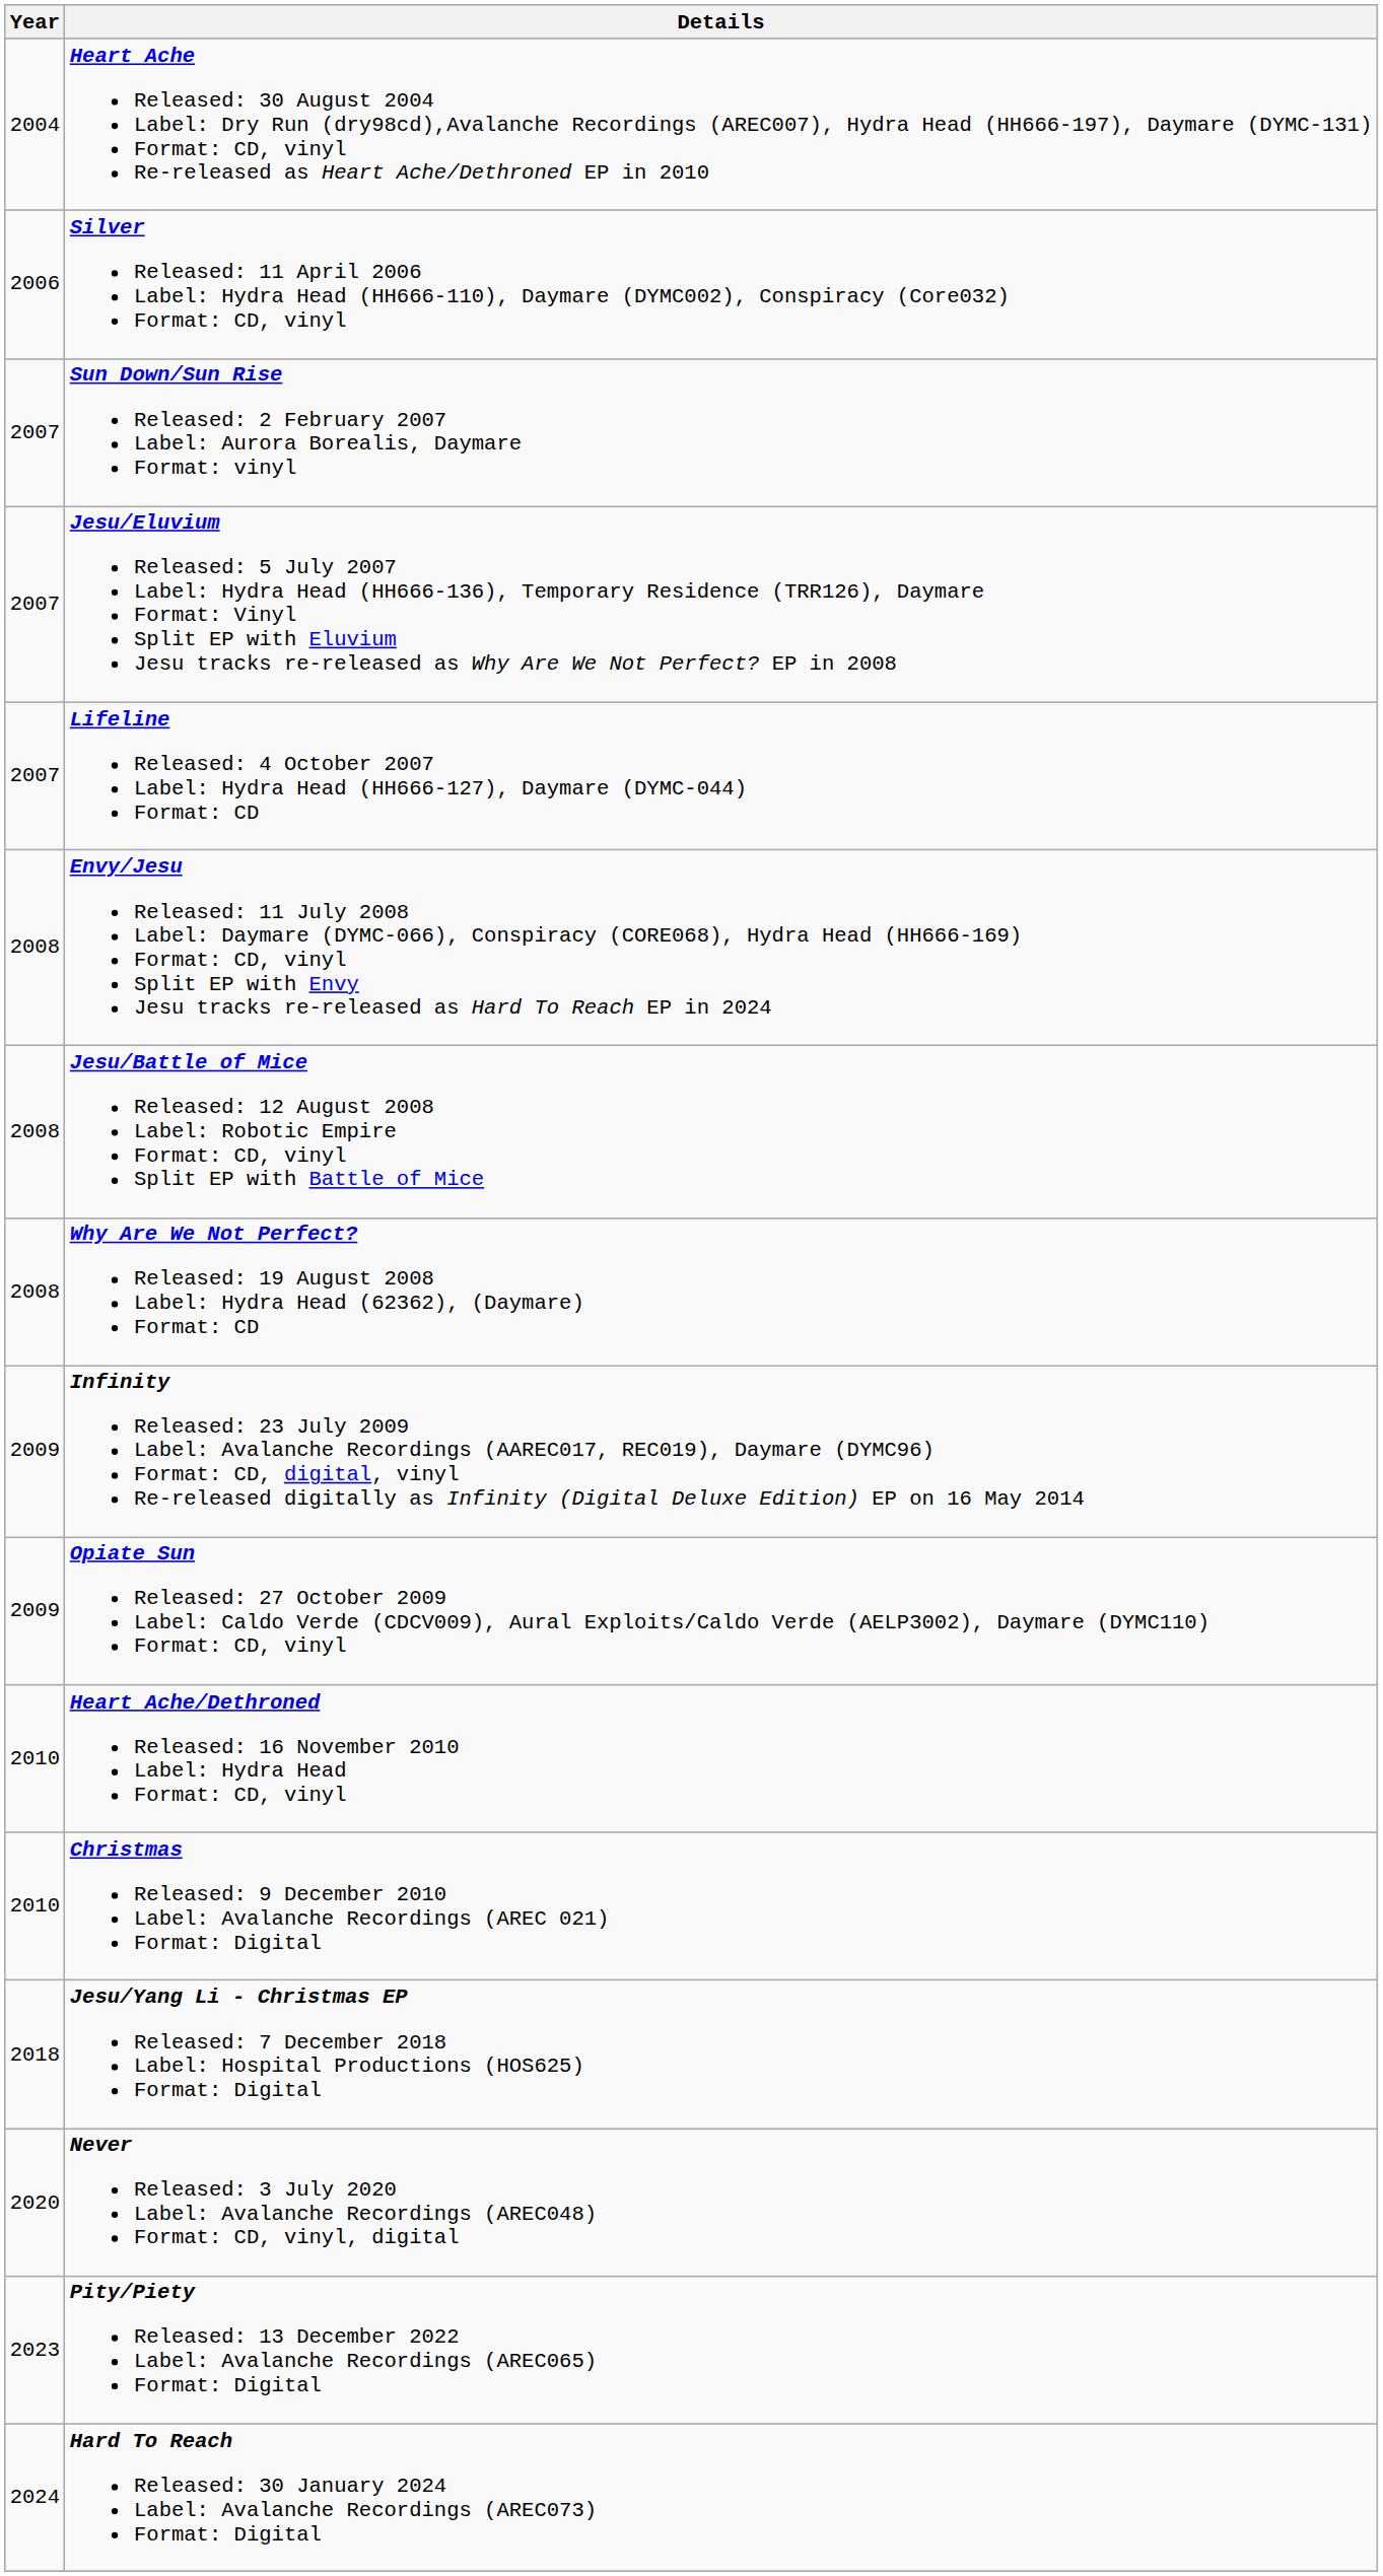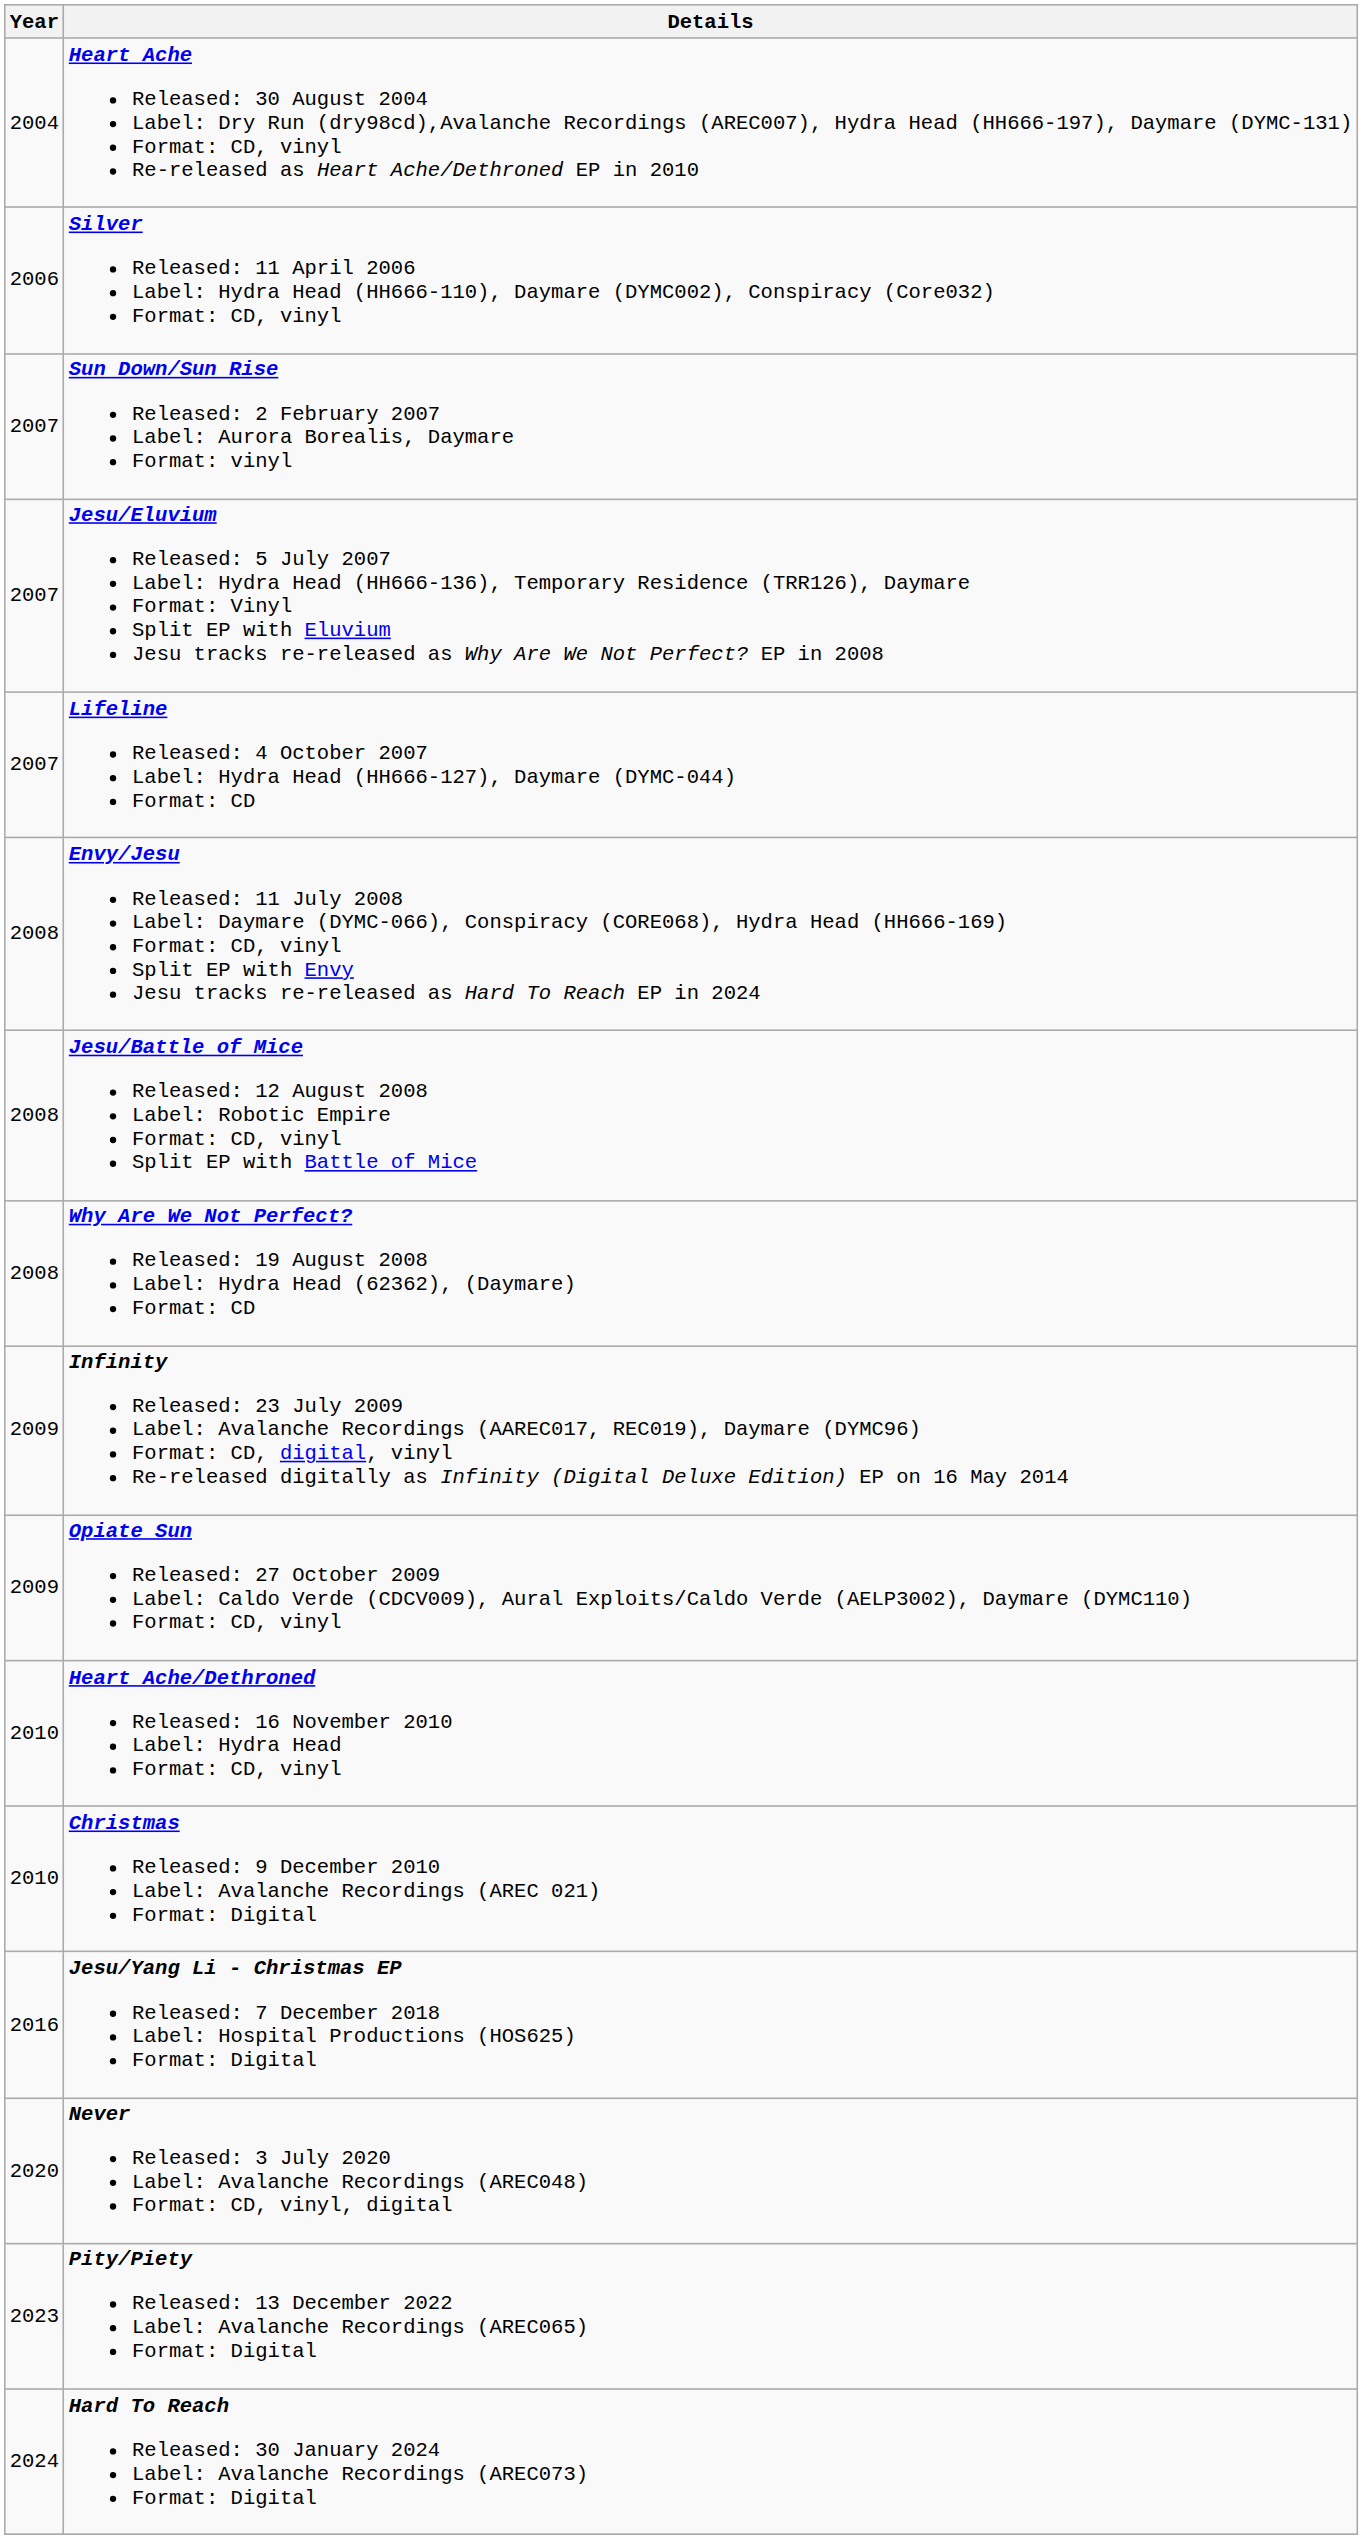 <table class="wikitable">
 <tr>
 <th>Year</th>
 <th>Details</th>
 </tr>
 <tr>
 <td>2004</td>
 <td><strong><em><a href='#'>Heart Ache</a></em></strong><br><ul><li>Released: 30 August 2004</li><li>Label: Dry Run (dry98cd),Avalanche Recordings (AREC007), Hydra Head (HH666-197), Daymare (DYMC-131)</li><li>Format: CD, vinyl</li><li>Re-released as <em>Heart Ache/Dethroned</em> EP in 2010</li></ul></td>
 </tr>
 <tr>
 <td>2006</td>
 <td><strong><em><a href='#'>Silver</a></em></strong><br><ul><li>Released: 11 April 2006</li><li>Label: Hydra Head (HH666-110), Daymare (DYMC002), Conspiracy (Core032)</li><li>Format: CD, vinyl</li></ul></td>
 </tr>
 <tr>
 <td>2007</td>
 <td><strong><em><a href='#'>Sun Down/Sun Rise</a></em></strong><br><ul><li>Released: 2 February 2007</li><li>Label: Aurora Borealis, Daymare</li><li>Format: vinyl</li></ul></td>
 </tr>
 <tr>
 <td>2007</td>
 <td><strong><em><a href='#'>Jesu/Eluvium</a></em></strong><br><ul><li>Released: 5 July 2007</li><li>Label: Hydra Head (HH666-136), Temporary Residence (TRR126), Daymare</li><li>Format: Vinyl</li><li>Split EP with <a href='#'>Eluvium</a></li><li>Jesu tracks re-released as <em>Why Are We Not Perfect?</em> EP in 2008</li></ul></td>
 </tr>
 <tr>
 <td>2007</td>
 <td><strong><em><a href='#'>Lifeline</a></em></strong><br><ul><li>Released: 4 October 2007</li><li>Label: Hydra Head (HH666-127), Daymare (DYMC-044)</li><li>Format: CD</li></ul></td>
 </tr>
 <tr>
 <td>2008</td>
 <td><strong><em><a href='#'>Envy/Jesu</a></em></strong><br><ul><li>Released: 11 July 2008</li><li>Label: Daymare (DYMC-066), Conspiracy (CORE068), Hydra Head (HH666-169)</li><li>Format: CD, vinyl</li><li>Split EP with <a href='#'>Envy</a></li><li>Jesu tracks re-released as <em>Hard To Reach</em> EP in 2024</li></ul></td>
 </tr>
 <tr>
 <td>2008</td>
 <td><strong><em><a href='#'>Jesu/Battle of Mice</a></em></strong><br><ul><li>Released: 12 August 2008</li><li>Label: Robotic Empire</li><li>Format: CD, vinyl</li><li>Split EP with <a href='#'>Battle of Mice</a></li></ul></td>
 </tr>
 <tr>
 <td>2008</td>
 <td><strong><em><a href='#'>Why Are We Not Perfect?</a></em></strong><br><ul><li>Released: 19 August 2008</li><li>Label: Hydra Head (62362), (Daymare)</li><li>Format: CD</li></ul></td>
 </tr>
 <tr>
 <td>2009</td>
 <td><strong><em>Infinity</em></strong><br><ul><li>Released: 23 July 2009</li><li>Label: Avalanche Recordings (AAREC017, REC019), Daymare (DYMC96)</li><li>Format: CD, <a href='#'>digital</a>, vinyl</li><li>Re-released digitally as <em>Infinity (Digital Deluxe Edition)</em> EP on 16 May 2014</li></ul></td>
 </tr>
 <tr>
 <td>2009</td>
 <td><strong><em><a href='#'>Opiate Sun</a></em></strong><br><ul><li>Released: 27 October 2009</li><li>Label: Caldo Verde (CDCV009),	Aural Exploits/Caldo Verde (AELP3002), Daymare (DYMC110)</li><li>Format: CD, vinyl</li></ul></td>
 </tr>
 <tr>
 <td>2010</td>
 <td><strong><em><a href='#'>Heart Ache/Dethroned</a></em></strong><br><ul><li>Released: 16 November 2010</li><li>Label: Hydra Head</li><li>Format: CD, vinyl</li></ul></td>
 </tr>
 <tr>
 <td>2010</td>
 <td><strong><em><a href='#'>Christmas</a></em></strong><br><ul><li>Released: 9 December 2010</li><li>Label: Avalanche Recordings (AREC 021)</li><li>Format: Digital</li></ul></td>
 </tr>
 <tr>
-<td>2018</td>
+<td>2016</td>
 <td><strong><em>Jesu/Yang Li - Christmas EP</em></strong><br><ul><li>Released: 7 December 2018</li><li>Label: Hospital Productions (HOS625)</li><li>Format: Digital</li></ul></td>
 </tr>
 <tr>
 <td>2020</td>
 <td><strong><em>Never</em></strong><br><ul><li>Released: 3 July 2020</li><li>Label: Avalanche Recordings (AREC048)</li><li>Format: CD, vinyl, digital</li></ul></td>
 </tr>
 <tr>
 <td>2023</td>
 <td><strong><em>Pity/Piety</em></strong><br><ul><li>Released: 13 December 2022</li><li>Label: Avalanche Recordings (AREC065)</li><li>Format: Digital</li></ul></td>
 </tr>
 <tr>
 <td>2024</td>
 <td><strong><em>Hard To Reach</em></strong><br><ul><li>Released: 30 January 2024</li><li>Label: Avalanche Recordings (AREC073)</li><li>Format: Digital</li></ul></td>
 </tr>
 <tr>
 </tr>
 </table>
